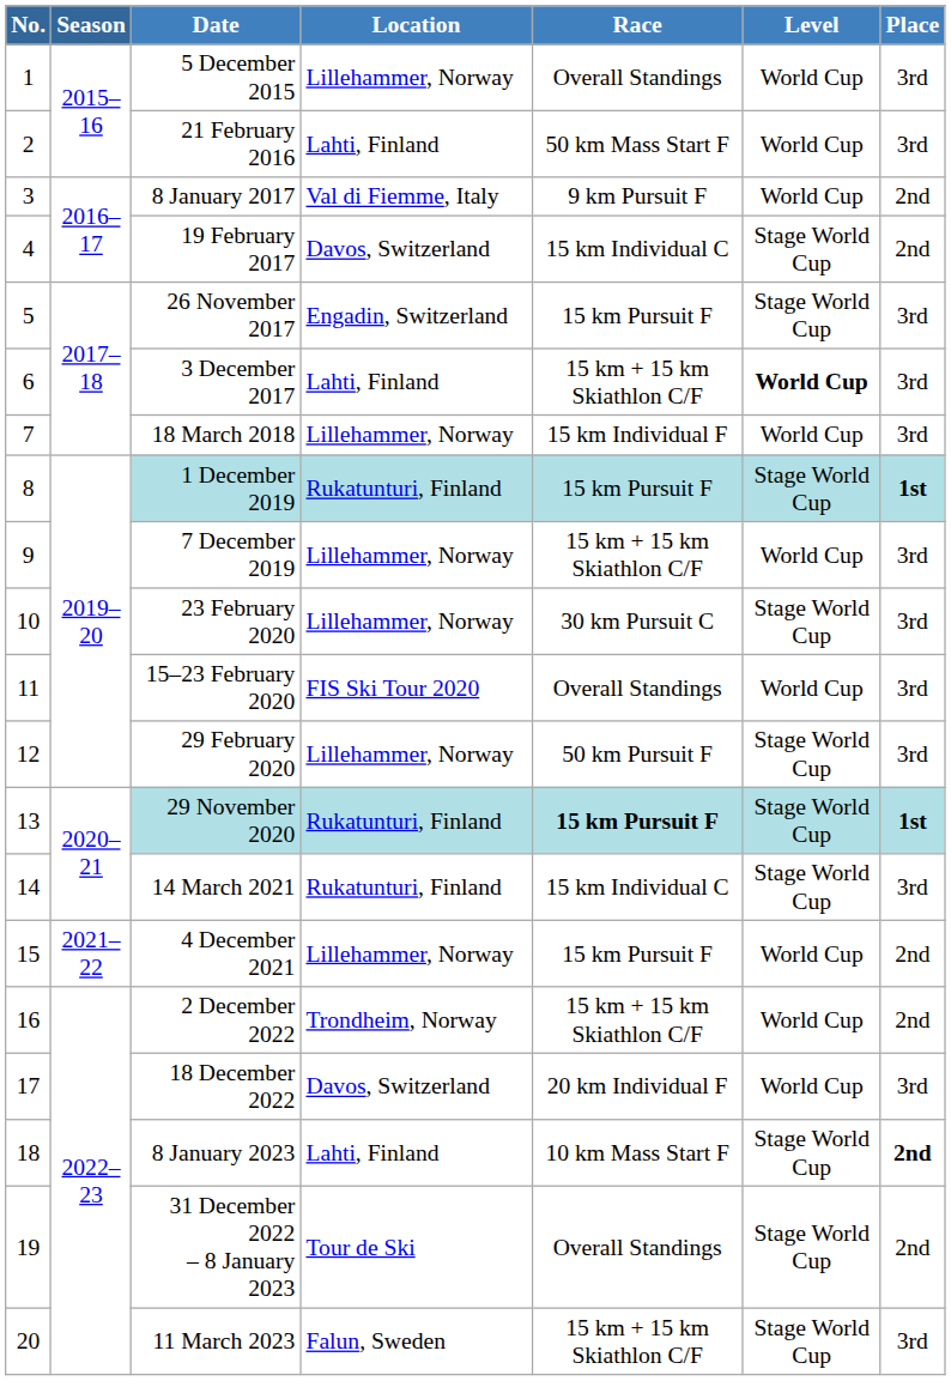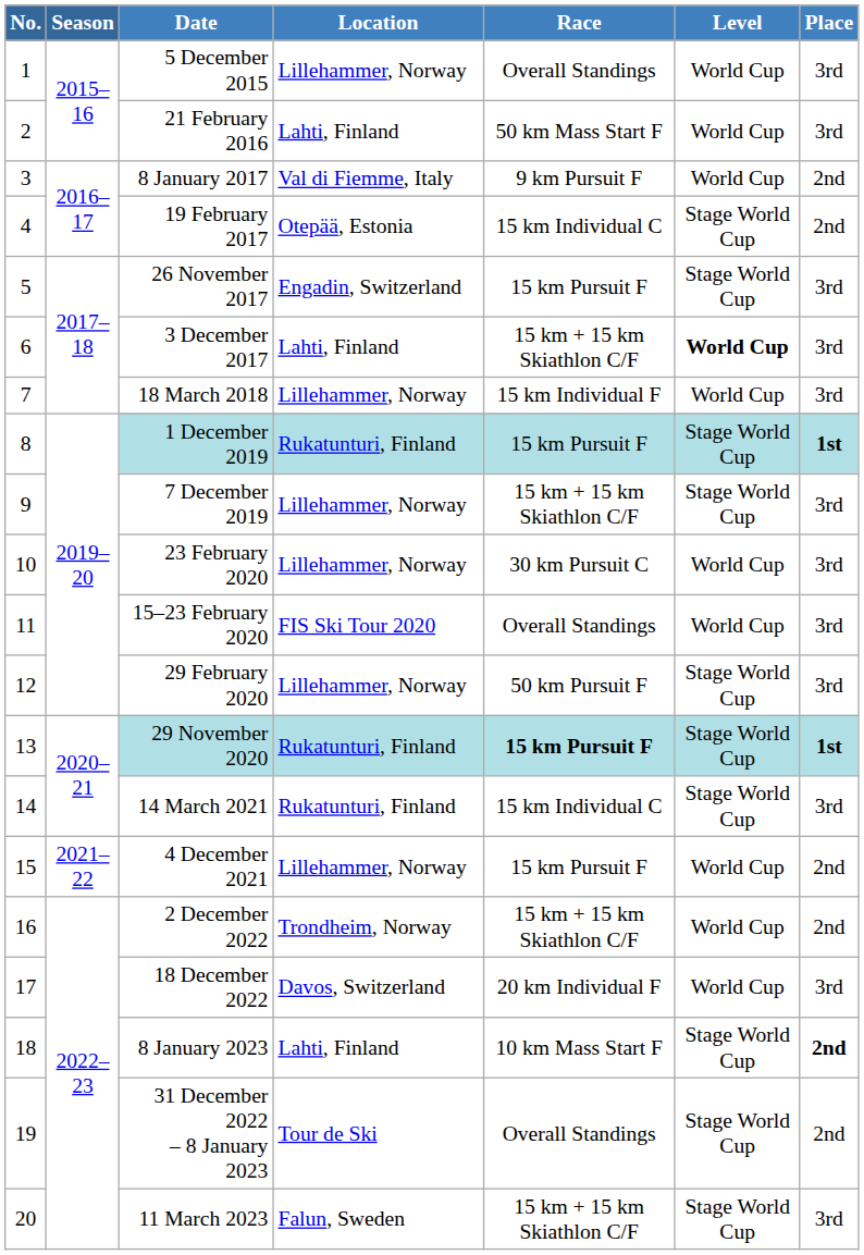 <table class="wikitable sortable" style="font-size:95%; text-align:center; border:grey solid 1px; border-collapse:collapse; background:#ffffff;">
 <tr style="background:#efefef;">
 <th style="background-color:#369; color:white;">No.</th>
 <th style="background-color:#369; color:white;">Season</th>
 <th style="background-color:#4180be; color:white; width:120px;">Date</th>
 <th style="background-color:#4180be; color:white; width:170px;">Location</th>
 <th style="background-color:#4180be; color:white; width:160px;">Race</th>
 <th style="background-color:#4180be; color:white; width:100px;">Level</th>
 <th style="background-color:#4180be; color:white;">Place</th>
 </tr>
 <tr>
 <td align=center>1</td>
 <td rowspan=2 align=center><a href='#'>2015–16</a></td>
 <td align=right>5 December 2015</td>
 <td align=left> <a href='#'>Lillehammer</a>, Norway</td>
 <td>Overall Standings</td>
 <td>World Cup</td>
 <td>3rd</td>
 </tr>
 <tr>
 <td align=center>2</td>
 <td align=right>21 February 2016</td>
 <td align=left> <a href='#'>Lahti</a>, Finland</td>
 <td>50 km Mass Start F</td>
 <td>World Cup</td>
 <td>3rd</td>
 </tr>
 <tr>
 <td align=center>3</td>
 <td rowspan=2 align=center><a href='#'>2016–17</a></td>
 <td align=right>8 January 2017</td>
 <td align=left> <a href='#'>Val di Fiemme</a>, Italy</td>
 <td>9 km Pursuit F</td>
 <td>World Cup</td>
 <td>2nd</td>
 </tr>
 <tr>
 <td align=center>4</td>
 <td align=right>19 February 2017</td>
-<td align=left> <a href='#'>Davos</a>, Switzerland</td>
+<td align=left> <a href='#'>Otepää</a>, Estonia</td>
 <td>15 km Individual C</td>
 <td>Stage World Cup</td>
 <td>2nd</td>
 </tr>
 <tr>
 <td align=center>5</td>
 <td rowspan=3 align=center><a href='#'>2017–18</a></td>
 <td align=right>26 November 2017</td>
 <td align=left> <a href='#'>Engadin</a>, Switzerland</td>
 <td>15 km Pursuit F</td>
 <td>Stage World Cup</td>
 <td>3rd</td>
 </tr>
 <tr>
 <td align=center>6</td>
 <td align=right>3 December 2017</td>
 <td align=left> <a href='#'>Lahti</a>, Finland</td>
 <td>15 km + 15 km Skiathlon C/F</td>
 <td><strong>World Cup</strong></td>
 <td>3rd</td>
 </tr>
 <tr>
 <td align=center>7</td>
 <td align=right>18 March 2018</td>
 <td align=left> <a href='#'>Lillehammer</a>, Norway</td>
 <td>15 km Individual F</td>
 <td>World Cup</td>
 <td>3rd</td>
 </tr>
 <tr>
 <td align=center>8</td>
 <td rowspan=5 align=center><a href='#'>2019–20</a></td>
 <td bgcolor="#BOEOE6" align=right>1 December 2019</td>
 <td bgcolor="#BOEOE6" align=left> <a href='#'>Rukatunturi</a>, Finland</td>
 <td bgcolor="#BOEOE6">15 km Pursuit F</td>
 <td bgcolor="#BOEOE6">Stage World Cup</td>
 <td bgcolor="#BOEOE6"><strong>1st</strong></td>
 </tr>
 <tr>
 <td align=center>9</td>
 <td align=right>7 December 2019</td>
 <td align=left> <a href='#'>Lillehammer</a>, Norway</td>
 <td>15 km + 15 km Skiathlon C/F</td>
-<td>World Cup</td>
+<td>Stage World Cup</td>
 <td>3rd</td>
 </tr>
 <tr>
 <td align=center>10</td>
 <td align=right>23 February 2020</td>
 <td align=left> <a href='#'>Lillehammer</a>, Norway</td>
 <td>30 km Pursuit C</td>
-<td>Stage World Cup</td>
+<td>World Cup</td>
 <td>3rd</td>
 </tr>
 <tr>
 <td align=center>11</td>
 <td align=right>15–23 February 2020</td>
 <td align=left> <a href='#'>FIS Ski Tour 2020</a></td>
 <td>Overall Standings</td>
 <td>World Cup</td>
 <td>3rd</td>
 </tr>
 <tr>
 <td align=center>12</td>
 <td align=right>29 February 2020</td>
 <td align=left> <a href='#'>Lillehammer</a>, Norway</td>
 <td>50 km Pursuit F</td>
 <td>Stage World Cup</td>
 <td>3rd</td>
 </tr>
 <tr>
 <td align=center>13</td>
 <td rowspan=2 align=center><a href='#'>2020–21</a></td>
 <td bgcolor="#BOEOE6" align=right>29 November 2020</td>
 <td bgcolor="#BOEOE6" align=left> <a href='#'>Rukatunturi</a>, Finland</td>
 <td bgcolor="#BOEOE6"><strong>15 km Pursuit F</strong></td>
 <td bgcolor="#BOEOE6">Stage World Cup</td>
 <td bgcolor="#BOEOE6"><strong>1st</strong></td>
 </tr>
 <tr>
 <td align=center>14</td>
 <td align=right>14 March 2021</td>
 <td align=left> <a href='#'>Rukatunturi</a>, Finland</td>
 <td>15 km Individual C</td>
 <td>Stage World Cup</td>
 <td>3rd</td>
 </tr>
 <tr>
 <td align=center>15</td>
 <td align=center><a href='#'>2021–22</a></td>
 <td align=right>4 December 2021</td>
 <td align=left> <a href='#'>Lillehammer</a>, Norway</td>
 <td>15 km Pursuit F</td>
 <td>World Cup</td>
 <td>2nd</td>
 </tr>
 <tr>
 <td align=center>16</td>
 <td rowspan=5 align=center><a href='#'>2022–23</a></td>
 <td align=right>2 December 2022</td>
 <td align=left> <a href='#'>Trondheim</a>, Norway</td>
 <td>15 km + 15 km Skiathlon C/F</td>
 <td>World Cup</td>
 <td>2nd</td>
 </tr>
 <tr>
 <td align=center>17</td>
 <td align=right>18 December 2022</td>
 <td align=left> <a href='#'>Davos</a>, Switzerland</td>
 <td>20 km Individual F</td>
 <td>World Cup</td>
 <td>3rd</td>
 </tr>
 <tr>
 <td align=center>18</td>
 <td align=right>8 January 2023</td>
 <td align=left> <a href='#'>Lahti</a>, Finland</td>
 <td>10 km Mass Start F</td>
 <td>Stage World Cup</td>
 <td><strong>2nd</strong></td>
 </tr>
 <tr>
 <td align=center>19</td>
 <td align=right>31 December 2022<br>– 8 January 2023</td>
 <td align=left> <a href='#'>Tour de Ski</a></td>
 <td>Overall Standings</td>
 <td>Stage World Cup</td>
 <td>2nd</td>
 </tr>
 <tr>
 <td align=center>20</td>
 <td align=right>11 March 2023</td>
 <td align=left> <a href='#'>Falun</a>, Sweden</td>
 <td>15 km + 15 km Skiathlon C/F</td>
 <td>Stage World Cup</td>
 <td>3rd</td>
 </tr>
 </table>
